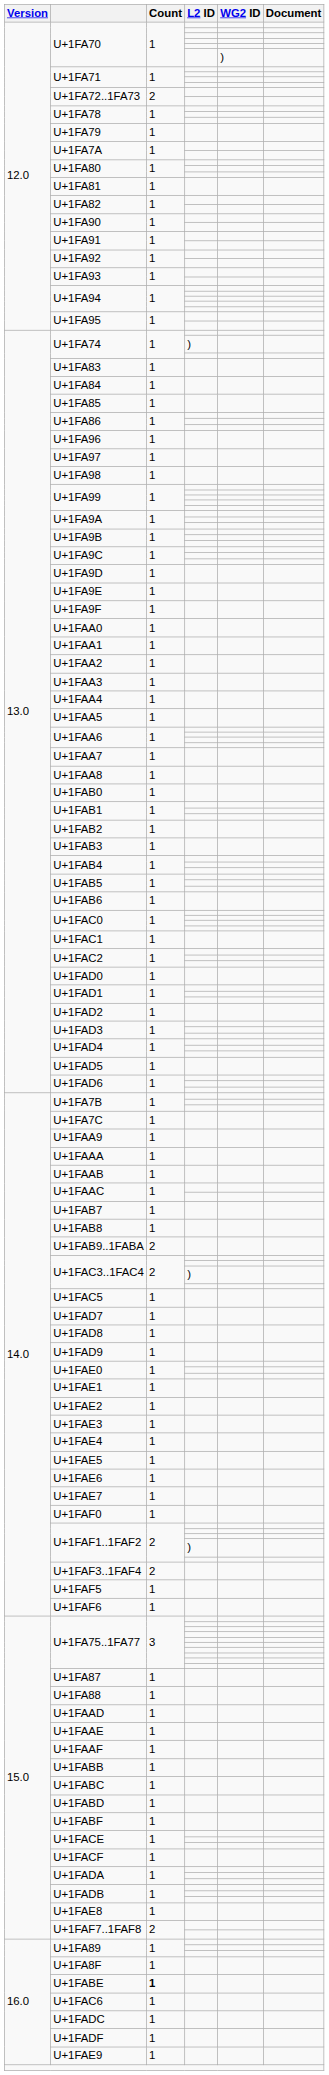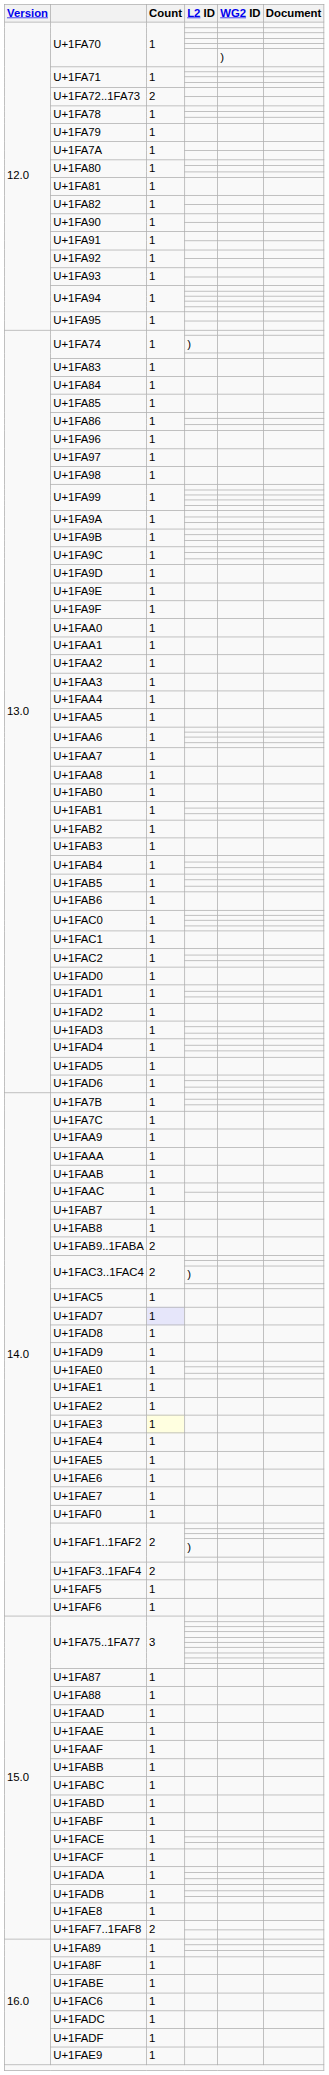 <table class="wikitable collapsible sticky-header">
 <tr>
 <th><a href='#'>Version</a></th>
 <th></th>
 <th>Count</th>
 <th><a href='#'>L2</a> ID</th>
 <th><a href='#'>WG2</a> ID</th>
 <th>Document</th>
 </tr>
 <tr>
 <td rowspan="39">12.0</td>
 <td rowspan="6">U+1FA70</td>
 <td rowspan="6">1</td>
 <td></td>
 <td></td>
 <td></td>
 </tr>
 <tr>
 <td></td>
 <td></td>
 <td></td>
 </tr>
 <tr>
 <td></td>
 <td></td>
 <td></td>
 </tr>
 <tr>
 <td></td>
 <td></td>
 <td></td>
 </tr>
 <tr>
 <td></td>
 <td></td>
 <td></td>
 </tr>
 <tr>
 <td></td>
 <td> )</td>
 <td></td>
 </tr>
 <tr>
 <td rowspan="4">U+1FA71</td>
 <td rowspan="4">1</td>
 <td></td>
 <td></td>
 <td></td>
 </tr>
 <tr>
 <td></td>
 <td></td>
 <td></td>
 </tr>
 <tr>
 <td></td>
 <td></td>
 <td></td>
 </tr>
 <tr>
 <td></td>
 <td></td>
 <td></td>
 </tr>
 <tr>
 <td rowspan="2">U+1FA72..1FA73</td>
 <td rowspan="2">2</td>
 <td></td>
 <td></td>
 <td></td>
 </tr>
 <tr>
 <td></td>
 <td></td>
 <td></td>
 </tr>
 <tr>
 <td rowspan="3">U+1FA78</td>
 <td rowspan="3">1</td>
 <td></td>
 <td></td>
 <td></td>
 </tr>
 <tr>
 <td></td>
 <td></td>
 <td></td>
 </tr>
 <tr>
 <td></td>
 <td></td>
 <td></td>
 </tr>
 <tr>
 <td>U+1FA79</td>
 <td>1</td>
 <td></td>
 <td></td>
 <td></td>
 </tr>
 <tr>
 <td rowspan="2">U+1FA7A</td>
 <td rowspan="2">1</td>
 <td></td>
 <td></td>
 <td></td>
 </tr>
 <tr>
 <td></td>
 <td></td>
 <td></td>
 </tr>
 <tr>
 <td rowspan="3">U+1FA80</td>
 <td rowspan="3">1</td>
 <td></td>
 <td></td>
 <td></td>
 </tr>
 <tr>
 <td></td>
 <td></td>
 <td></td>
 </tr>
 <tr>
 <td></td>
 <td></td>
 <td></td>
 </tr>
 <tr>
 <td>U+1FA81</td>
 <td>1</td>
 <td></td>
 <td></td>
 <td></td>
 </tr>
 <tr>
 <td rowspan="2">U+1FA82</td>
 <td rowspan="2">1</td>
 <td></td>
 <td></td>
 <td></td>
 </tr>
 <tr>
 <td></td>
 <td></td>
 <td></td>
 </tr>
 <tr>
 <td rowspan="2">U+1FA90</td>
 <td rowspan="2">1</td>
 <td></td>
 <td></td>
 <td></td>
 </tr>
 <tr>
 <td></td>
 <td></td>
 <td></td>
 </tr>
 <tr>
 <td rowspan="2">U+1FA91</td>
 <td rowspan="2">1</td>
 <td></td>
 <td></td>
 <td></td>
 </tr>
 <tr>
 <td></td>
 <td></td>
 <td></td>
 </tr>
 <tr>
 <td rowspan="2">U+1FA92</td>
 <td rowspan="2">1</td>
 <td></td>
 <td></td>
 <td></td>
 </tr>
 <tr>
 <td></td>
 <td></td>
 <td></td>
 </tr>
 <tr>
 <td rowspan="2">U+1FA93</td>
 <td rowspan="2">1</td>
 <td></td>
 <td></td>
 <td></td>
 </tr>
 <tr>
 <td></td>
 <td></td>
 <td></td>
 </tr>
 <tr>
 <td rowspan="5">U+1FA94</td>
 <td rowspan="5">1</td>
 <td></td>
 <td></td>
 <td></td>
 </tr>
 <tr>
 <td></td>
 <td></td>
 <td></td>
 </tr>
 <tr>
 <td></td>
 <td></td>
 <td></td>
 </tr>
 <tr>
 <td></td>
 <td></td>
 <td></td>
 </tr>
 <tr>
 <td></td>
 <td></td>
 <td></td>
 </tr>
 <tr>
 <td rowspan="2">U+1FA95</td>
 <td rowspan="2">1</td>
 <td></td>
 <td></td>
 <td></td>
 </tr>
 <tr>
 <td></td>
 <td></td>
 <td></td>
 </tr>
 <tr>
 <td rowspan="77">13.0</td>
 <td rowspan="3">U+1FA74</td>
 <td rowspan="3">1</td>
 <td></td>
 <td></td>
 <td></td>
 </tr>
 <tr>
 <td> )</td>
 <td></td>
 <td></td>
 </tr>
 <tr>
 <td></td>
 <td></td>
 <td></td>
 </tr>
 <tr>
 <td>U+1FA83</td>
 <td>1</td>
 <td></td>
 <td></td>
 <td></td>
 </tr>
 <tr>
 <td>U+1FA84</td>
 <td>1</td>
 <td></td>
 <td></td>
 <td></td>
 </tr>
 <tr>
 <td>U+1FA85</td>
 <td>1</td>
 <td></td>
 <td></td>
 <td></td>
 </tr>
 <tr>
 <td rowspan="3">U+1FA86</td>
 <td rowspan="3">1</td>
 <td></td>
 <td></td>
 <td></td>
 </tr>
 <tr>
 <td></td>
 <td></td>
 <td></td>
 </tr>
 <tr>
 <td></td>
 <td></td>
 <td></td>
 </tr>
 <tr>
 <td>U+1FA96</td>
 <td>1</td>
 <td></td>
 <td></td>
 <td></td>
 </tr>
 <tr>
 <td>U+1FA97</td>
 <td>1</td>
 <td></td>
 <td></td>
 <td></td>
 </tr>
 <tr>
 <td>U+1FA98</td>
 <td>1</td>
 <td></td>
 <td></td>
 <td></td>
 </tr>
 <tr>
 <td rowspan="5">U+1FA99</td>
 <td rowspan="5">1</td>
 <td></td>
 <td></td>
 <td></td>
 </tr>
 <tr>
 <td></td>
 <td></td>
 <td></td>
 </tr>
 <tr>
 <td></td>
 <td></td>
 <td></td>
 </tr>
 <tr>
 <td></td>
 <td></td>
 <td></td>
 </tr>
 <tr>
 <td></td>
 <td></td>
 <td></td>
 </tr>
 <tr>
 <td rowspan="3">U+1FA9A</td>
 <td rowspan="3">1</td>
 <td></td>
 <td></td>
 <td></td>
 </tr>
 <tr>
 <td></td>
 <td></td>
 <td></td>
 </tr>
 <tr>
 <td></td>
 <td></td>
 <td></td>
 </tr>
 <tr>
 <td rowspan="3">U+1FA9B</td>
 <td rowspan="3">1</td>
 <td></td>
 <td></td>
 <td></td>
 </tr>
 <tr>
 <td></td>
 <td></td>
 <td></td>
 </tr>
 <tr>
 <td></td>
 <td></td>
 <td></td>
 </tr>
 <tr>
 <td rowspan="3">U+1FA9C</td>
 <td rowspan="3">1</td>
 <td></td>
 <td></td>
 <td></td>
 </tr>
 <tr>
 <td></td>
 <td></td>
 <td></td>
 </tr>
 <tr>
 <td></td>
 <td></td>
 <td></td>
 </tr>
 <tr>
 <td>U+1FA9D</td>
 <td>1</td>
 <td></td>
 <td></td>
 <td></td>
 </tr>
 <tr>
 <td>U+1FA9E</td>
 <td>1</td>
 <td></td>
 <td></td>
 <td></td>
 </tr>
 <tr>
 <td>U+1FA9F</td>
 <td>1</td>
 <td></td>
 <td></td>
 <td></td>
 </tr>
 <tr>
 <td>U+1FAA0</td>
 <td>1</td>
 <td></td>
 <td></td>
 <td></td>
 </tr>
 <tr>
 <td>U+1FAA1</td>
 <td>1</td>
 <td></td>
 <td></td>
 <td></td>
 </tr>
 <tr>
 <td>U+1FAA2</td>
 <td>1</td>
 <td></td>
 <td></td>
 <td></td>
 </tr>
 <tr>
 <td>U+1FAA3</td>
 <td>1</td>
 <td></td>
 <td></td>
 <td></td>
 </tr>
 <tr>
 <td>U+1FAA4</td>
 <td>1</td>
 <td></td>
 <td></td>
 <td></td>
 </tr>
 <tr>
 <td>U+1FAA5</td>
 <td>1</td>
 <td></td>
 <td></td>
 <td></td>
 </tr>
 <tr>
 <td rowspan="4">U+1FAA6</td>
 <td rowspan="4">1</td>
 <td></td>
 <td></td>
 <td></td>
 </tr>
 <tr>
 <td></td>
 <td></td>
 <td></td>
 </tr>
 <tr>
 <td></td>
 <td></td>
 <td></td>
 </tr>
 <tr>
 <td></td>
 <td></td>
 <td></td>
 </tr>
 <tr>
 <td>U+1FAA7</td>
 <td>1</td>
 <td></td>
 <td></td>
 <td></td>
 </tr>
 <tr>
 <td>U+1FAA8</td>
 <td>1</td>
 <td></td>
 <td></td>
 <td></td>
 </tr>
 <tr>
 <td>U+1FAB0</td>
 <td>1</td>
 <td></td>
 <td></td>
 <td></td>
 </tr>
 <tr>
 <td rowspan="3">U+1FAB1</td>
 <td rowspan="3">1</td>
 <td></td>
 <td></td>
 <td></td>
 </tr>
 <tr>
 <td></td>
 <td></td>
 <td></td>
 </tr>
 <tr>
 <td></td>
 <td></td>
 <td></td>
 </tr>
 <tr>
 <td>U+1FAB2</td>
 <td>1</td>
 <td></td>
 <td></td>
 <td></td>
 </tr>
 <tr>
 <td>U+1FAB3</td>
 <td>1</td>
 <td></td>
 <td></td>
 <td></td>
 </tr>
 <tr>
 <td rowspan="3">U+1FAB4</td>
 <td rowspan="3">1</td>
 <td></td>
 <td></td>
 <td></td>
 </tr>
 <tr>
 <td></td>
 <td></td>
 <td></td>
 </tr>
 <tr>
 <td></td>
 <td></td>
 <td></td>
 </tr>
 <tr>
 <td rowspan="3">U+1FAB5</td>
 <td rowspan="3">1</td>
 <td></td>
 <td></td>
 <td></td>
 </tr>
 <tr>
 <td></td>
 <td></td>
 <td></td>
 </tr>
 <tr>
 <td></td>
 <td></td>
 <td></td>
 </tr>
 <tr>
 <td>U+1FAB6</td>
 <td>1</td>
 <td></td>
 <td></td>
 <td></td>
 </tr>
 <tr>
 <td rowspan="4">U+1FAC0</td>
 <td rowspan="4">1</td>
 <td></td>
 <td></td>
 <td></td>
 </tr>
 <tr>
 <td></td>
 <td></td>
 <td></td>
 </tr>
 <tr>
 <td></td>
 <td></td>
 <td></td>
 </tr>
 <tr>
 <td></td>
 <td></td>
 <td></td>
 </tr>
 <tr>
 <td>U+1FAC1</td>
 <td>1</td>
 <td></td>
 <td></td>
 <td></td>
 </tr>
 <tr>
 <td rowspan="3">U+1FAC2</td>
 <td rowspan="3">1</td>
 <td></td>
 <td></td>
 <td></td>
 </tr>
 <tr>
 <td></td>
 <td></td>
 <td></td>
 </tr>
 <tr>
 <td></td>
 <td></td>
 <td></td>
 </tr>
 <tr>
 <td>U+1FAD0</td>
 <td>1</td>
 <td></td>
 <td></td>
 <td></td>
 </tr>
 <tr>
 <td rowspan="3">U+1FAD1</td>
 <td rowspan="3">1</td>
 <td></td>
 <td></td>
 <td></td>
 </tr>
 <tr>
 <td></td>
 <td></td>
 <td></td>
 </tr>
 <tr>
 <td></td>
 <td></td>
 <td></td>
 </tr>
 <tr>
 <td>U+1FAD2</td>
 <td>1</td>
 <td></td>
 <td></td>
 <td></td>
 </tr>
 <tr>
 <td rowspan="3">U+1FAD3</td>
 <td rowspan="3">1</td>
 <td></td>
 <td></td>
 <td></td>
 </tr>
 <tr>
 <td></td>
 <td></td>
 <td></td>
 </tr>
 <tr>
 <td></td>
 <td></td>
 <td></td>
 </tr>
 <tr>
 <td rowspan="3">U+1FAD4</td>
 <td rowspan="3">1</td>
 <td></td>
 <td></td>
 <td></td>
 </tr>
 <tr>
 <td></td>
 <td></td>
 <td></td>
 </tr>
 <tr>
 <td></td>
 <td></td>
 <td></td>
 </tr>
 <tr>
 <td>U+1FAD5</td>
 <td>1</td>
 <td></td>
 <td></td>
 <td></td>
 </tr>
 <tr>
 <td rowspan="3">U+1FAD6</td>
 <td rowspan="3">1</td>
 <td></td>
 <td></td>
 <td></td>
 </tr>
 <tr>
 <td></td>
 <td></td>
 <td></td>
 </tr>
 <tr>
 <td></td>
 <td></td>
 <td></td>
 </tr>
 <tr>
 <td rowspan="39">14.0</td>
 <td rowspan="3">U+1FA7B</td>
 <td rowspan="3">1</td>
 <td></td>
 <td></td>
 <td></td>
 </tr>
 <tr>
 <td></td>
 <td></td>
 <td></td>
 </tr>
 <tr>
 <td></td>
 <td></td>
 <td></td>
 </tr>
 <tr>
 <td>U+1FA7C</td>
 <td>1</td>
 <td></td>
 <td></td>
 <td></td>
 </tr>
 <tr>
 <td>U+1FAA9</td>
 <td>1</td>
 <td></td>
 <td></td>
 <td></td>
 </tr>
 <tr>
 <td>U+1FAAA</td>
 <td>1</td>
 <td></td>
 <td></td>
 <td></td>
 </tr>
 <tr>
 <td>U+1FAAB</td>
 <td>1</td>
 <td></td>
 <td></td>
 <td></td>
 </tr>
 <tr>
 <td rowspan="2">U+1FAAC</td>
 <td rowspan="2">1</td>
 <td></td>
 <td></td>
 <td></td>
 </tr>
 <tr>
 <td></td>
 <td></td>
 <td></td>
 </tr>
 <tr>
 <td>U+1FAB7</td>
 <td>1</td>
 <td></td>
 <td></td>
 <td></td>
 </tr>
 <tr>
 <td>U+1FAB8</td>
 <td>1</td>
 <td></td>
 <td></td>
 <td></td>
 </tr>
 <tr>
 <td>U+1FAB9..1FABA</td>
 <td>2</td>
 <td></td>
 <td></td>
 <td></td>
 </tr>
 <tr>
 <td rowspan="4">U+1FAC3..1FAC4</td>
 <td rowspan="4">2</td>
 <td></td>
 <td></td>
 <td></td>
 </tr>
 <tr>
 <td></td>
 <td></td>
 <td></td>
 </tr>
 <tr>
 <td> )</td>
 <td></td>
 <td></td>
 </tr>
 <tr>
 <td></td>
 <td></td>
 <td></td>
 </tr>
 <tr>
 <td>U+1FAC5</td>
 <td>1</td>
 <td></td>
 <td></td>
 <td></td>
 </tr>
 <tr>
 <td>U+1FAD7</td>
-<td>1</td>
+<td style="background: lavender;">1</td>
 <td></td>
 <td></td>
 <td></td>
 </tr>
 <tr>
 <td>U+1FAD8</td>
 <td>1</td>
 <td></td>
 <td></td>
 <td></td>
 </tr>
 <tr>
 <td>U+1FAD9</td>
 <td>1</td>
 <td></td>
 <td></td>
 <td></td>
 </tr>
 <tr>
 <td rowspan="3">U+1FAE0</td>
 <td rowspan="3">1</td>
 <td></td>
 <td></td>
 <td></td>
 </tr>
 <tr>
 <td></td>
 <td></td>
 <td></td>
 </tr>
 <tr>
 <td></td>
 <td></td>
 <td></td>
 </tr>
 <tr>
 <td>U+1FAE1</td>
 <td>1</td>
 <td></td>
 <td></td>
 <td></td>
 </tr>
 <tr>
 <td>U+1FAE2</td>
 <td>1</td>
 <td></td>
 <td></td>
 <td></td>
 </tr>
 <tr>
 <td>U+1FAE3</td>
-<td>1</td>
+<td style="background: lightyellow;">1</td>
 <td></td>
 <td></td>
 <td></td>
 </tr>
 <tr>
 <td>U+1FAE4</td>
 <td>1</td>
 <td></td>
 <td></td>
 <td></td>
 </tr>
 <tr>
 <td>U+1FAE5</td>
 <td>1</td>
 <td></td>
 <td></td>
 <td></td>
 </tr>
 <tr>
 <td>U+1FAE6</td>
 <td>1</td>
 <td></td>
 <td></td>
 <td></td>
 </tr>
 <tr>
 <td>U+1FAE7</td>
 <td>1</td>
 <td></td>
 <td></td>
 <td></td>
 </tr>
 <tr>
 <td>U+1FAF0</td>
 <td>1</td>
 <td></td>
 <td></td>
 <td></td>
 </tr>
 <tr>
 <td rowspan="5">U+1FAF1..1FAF2</td>
 <td rowspan="5">2</td>
 <td></td>
 <td></td>
 <td></td>
 </tr>
 <tr>
 <td></td>
 <td></td>
 <td></td>
 </tr>
 <tr>
 <td></td>
 <td></td>
 <td></td>
 </tr>
 <tr>
 <td> )</td>
 <td></td>
 <td></td>
 </tr>
 <tr>
 <td></td>
 <td></td>
 <td></td>
 </tr>
 <tr>
 <td>U+1FAF3..1FAF4</td>
 <td>2</td>
 <td></td>
 <td></td>
 <td></td>
 </tr>
 <tr>
 <td>U+1FAF5</td>
 <td>1</td>
 <td></td>
 <td></td>
 <td></td>
 </tr>
 <tr>
 <td>U+1FAF6</td>
 <td>1</td>
 <td></td>
 <td></td>
 <td></td>
 </tr>
 <tr>
 <td rowspan="32">15.0</td>
 <td rowspan="10">U+1FA75..1FA77</td>
 <td rowspan="10">3</td>
 <td></td>
 <td></td>
 <td></td>
 </tr>
 <tr>
 <td></td>
 <td></td>
 <td></td>
 </tr>
 <tr>
 <td></td>
 <td></td>
 <td></td>
 </tr>
 <tr>
 <td></td>
 <td></td>
 <td></td>
 </tr>
 <tr>
 <td></td>
 <td></td>
 <td></td>
 </tr>
 <tr>
 <td></td>
 <td></td>
 <td></td>
 </tr>
 <tr>
 <td></td>
 <td></td>
 <td></td>
 </tr>
 <tr>
 <td></td>
 <td></td>
 <td></td>
 </tr>
 <tr>
 <td></td>
 <td></td>
 <td></td>
 </tr>
 <tr>
 <td></td>
 <td></td>
 <td></td>
 </tr>
 <tr>
 <td>U+1FA87</td>
 <td>1</td>
 <td></td>
 <td></td>
 <td></td>
 </tr>
 <tr>
 <td>U+1FA88</td>
 <td>1</td>
 <td></td>
 <td></td>
 <td></td>
 </tr>
 <tr>
 <td>U+1FAAD</td>
 <td>1</td>
 <td></td>
 <td></td>
 <td></td>
 </tr>
 <tr>
 <td>U+1FAAE</td>
 <td>1</td>
 <td></td>
 <td></td>
 <td></td>
 </tr>
 <tr>
 <td>U+1FAAF</td>
 <td>1</td>
 <td></td>
 <td></td>
 <td></td>
 </tr>
 <tr>
 <td>U+1FABB</td>
 <td>1</td>
 <td></td>
 <td></td>
 <td></td>
 </tr>
 <tr>
 <td>U+1FABC</td>
 <td>1</td>
 <td></td>
 <td></td>
 <td></td>
 </tr>
 <tr>
 <td>U+1FABD</td>
 <td>1</td>
 <td></td>
 <td></td>
 <td></td>
 </tr>
 <tr>
 <td>U+1FABF</td>
 <td>1</td>
 <td></td>
 <td></td>
 <td></td>
 </tr>
 <tr>
 <td rowspan="3">U+1FACE</td>
 <td rowspan="3">1</td>
 <td></td>
 <td></td>
 <td></td>
 </tr>
 <tr>
 <td></td>
 <td></td>
 <td></td>
 </tr>
 <tr>
 <td></td>
 <td></td>
 <td></td>
 </tr>
 <tr>
 <td>U+1FACF</td>
 <td>1</td>
 <td></td>
 <td></td>
 <td></td>
 </tr>
 <tr>
 <td rowspan="3">U+1FADA</td>
 <td rowspan="3">1</td>
 <td></td>
 <td></td>
 <td></td>
 </tr>
 <tr>
 <td></td>
 <td></td>
 <td></td>
 </tr>
 <tr>
 <td></td>
 <td></td>
 <td></td>
 </tr>
 <tr>
 <td rowspan="3">U+1FADB</td>
 <td rowspan="3">1</td>
 <td></td>
 <td></td>
 <td></td>
 </tr>
 <tr>
 <td></td>
 <td></td>
 <td></td>
 </tr>
 <tr>
 <td></td>
 <td></td>
 <td></td>
 </tr>
 <tr>
 <td>U+1FAE8</td>
 <td>1</td>
 <td></td>
 <td></td>
 <td></td>
 </tr>
 <tr>
 <td rowspan="2">U+1FAF7..1FAF8</td>
 <td rowspan="2">2</td>
 <td></td>
 <td></td>
 <td></td>
 </tr>
 <tr>
 <td></td>
 <td></td>
 <td></td>
 </tr>
 <tr>
 <td rowspan="9">16.0</td>
 <td rowspan="3">U+1FA89</td>
 <td rowspan="3">1</td>
 <td></td>
 <td></td>
 <td></td>
 </tr>
 <tr>
 <td></td>
 <td></td>
 <td></td>
 </tr>
 <tr>
 <td></td>
 <td></td>
 <td></td>
 </tr>
 <tr>
 <td>U+1FA8F</td>
 <td>1</td>
 <td></td>
 <td></td>
 <td></td>
 </tr>
 <tr>
 <td>U+1FABE</td>
-<td><strong>1</strong></td>
+<td>1</td>
 <td></td>
 <td></td>
 <td></td>
 </tr>
 <tr>
 <td>U+1FAC6</td>
 <td>1</td>
 <td></td>
 <td></td>
 <td></td>
 </tr>
 <tr>
 <td>U+1FADC</td>
 <td>1</td>
 <td></td>
 <td></td>
 <td></td>
 </tr>
 <tr>
 <td>U+1FADF</td>
 <td>1</td>
 <td></td>
 <td></td>
 <td></td>
 </tr>
 <tr>
 <td>U+1FAE9</td>
 <td>1</td>
 <td></td>
 <td></td>
 <td></td>
 </tr>
 <tr class="sortbottom">
 <td colspan="6"></td>
 </tr>
 </table>
